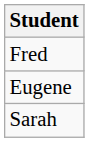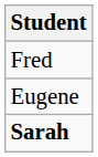 <table class="wikitable">
 <tr>
 <th>Student</th>
 </tr>
 <tr>
 <td>Fred</td>
 </tr>
 <tr>
 <td>Eugene</td>
 </tr>
 <tr>
-<td>Sarah</td>
+<td><strong>Sarah</strong></td>
 </tr>
 </table>
